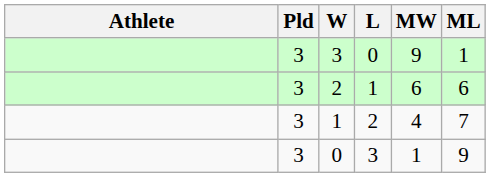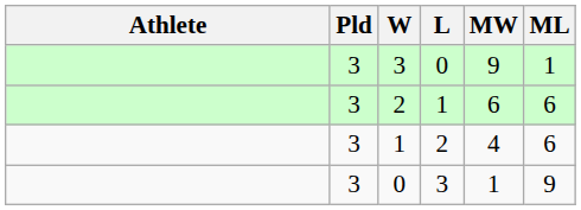 <table class="wikitable" style="text-align:center">
 <tr>
 <th width=200>Athlete</th>
 <th width=20>Pld</th>
 <th width=20>W</th>
 <th width=20>L</th>
 <th width=20>MW</th>
 <th width=20>ML</th>
 </tr>
 <tr bgcolor="ccffcc">
 <td style="text-align:left"></td>
 <td>3</td>
 <td>3</td>
 <td>0</td>
 <td>9</td>
 <td>1</td>
 </tr>
 <tr bgcolor="ccffcc">
 <td style="text-align:left"></td>
 <td>3</td>
 <td>2</td>
 <td>1</td>
 <td>6</td>
 <td>6</td>
 </tr>
 <tr>
 <td style="text-align:left"></td>
 <td>3</td>
 <td>1</td>
 <td>2</td>
 <td>4</td>
-<td>7</td>
+<td>6</td>
 </tr>
 <tr>
 <td style="text-align:left"></td>
 <td>3</td>
 <td>0</td>
 <td>3</td>
 <td>1</td>
 <td>9</td>
 </tr>
 </table>
